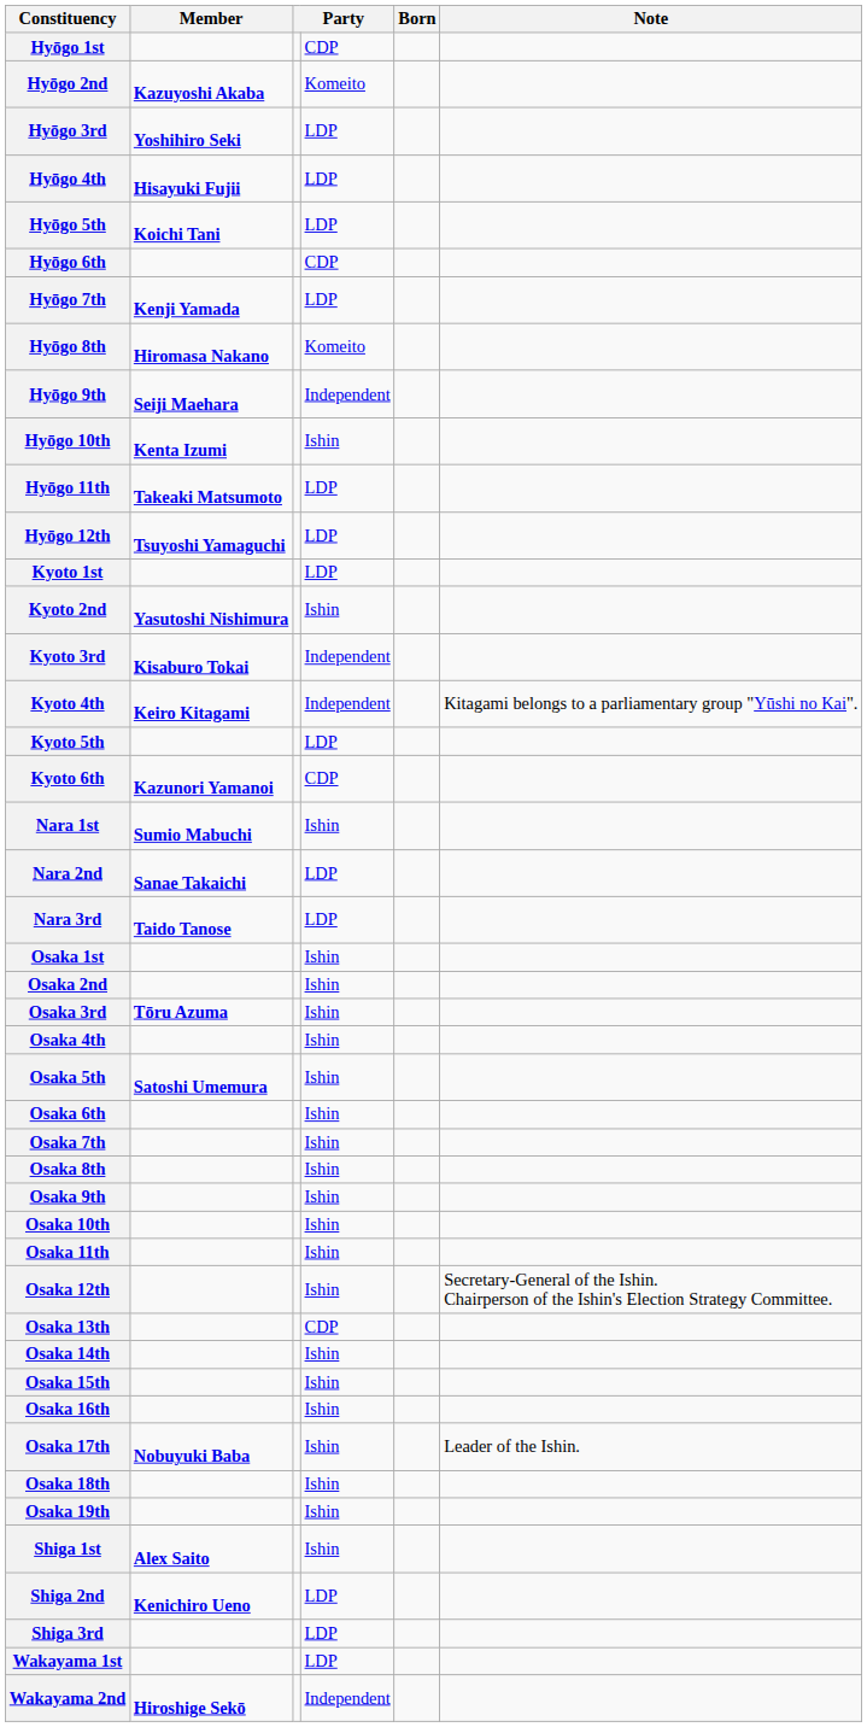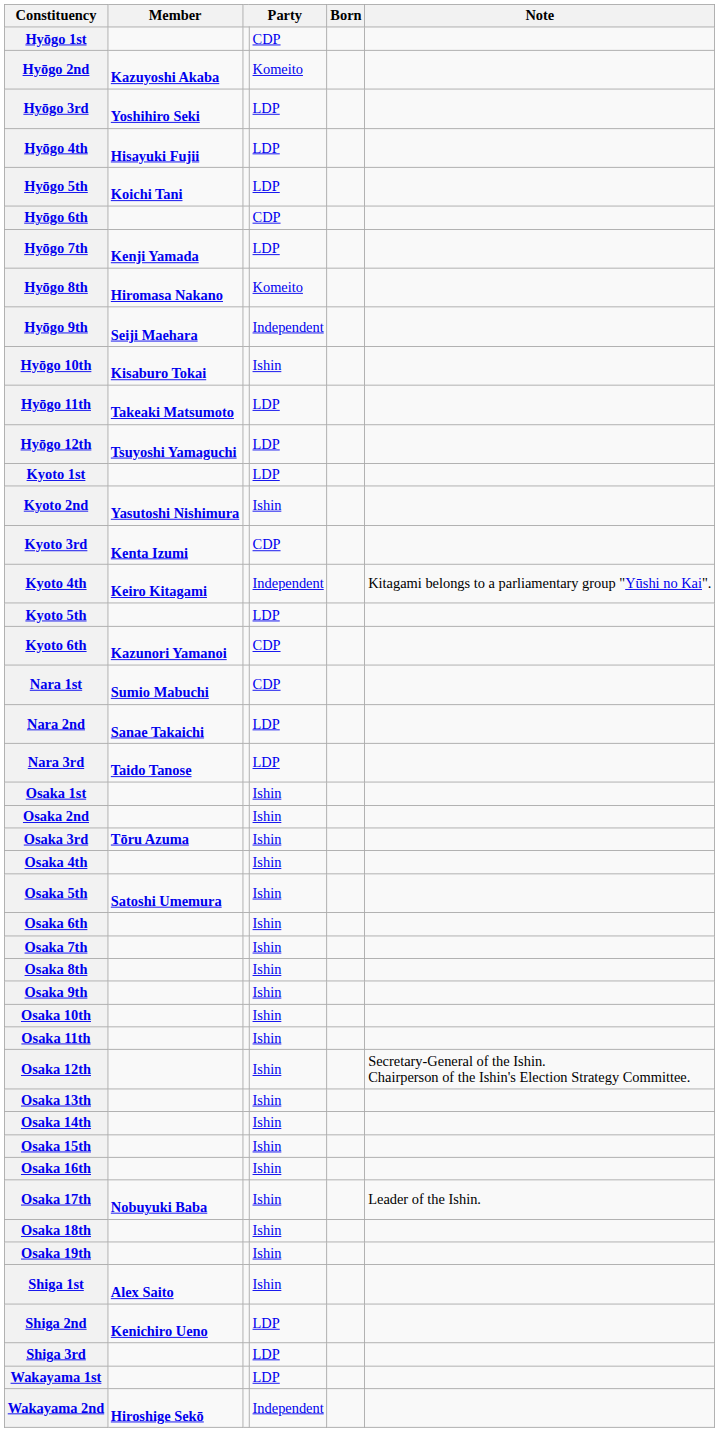 <table class="wikitable sortable plainrowheaders" id="votingmembers">
 <tr style="vertical-align:bottom">
 <th scope="col">Constituency</th>
 <th scope="col">Member</th>
 <th scope="col" colspan=2>Party</th>
 <th scope="col">Born</th>
 <th scope="col">Note</th>
 </tr>
 <tr>
 <th><a href='#'>Hyōgo 1st</a></th>
 <td><br><strong></strong></td>
 <td style="background-color:"></td>
 <td><a href='#'>CDP</a></td>
 <td></td>
 <td></td>
 </tr>
 <tr>
 <th><a href='#'>Hyōgo 2nd</a></th>
 <td><br><strong><a href='#'>Kazuyoshi Akaba</a></strong></td>
 <td style="background-color:"></td>
 <td><a href='#'>Komeito</a></td>
 <td></td>
 <td></td>
 </tr>
 <tr>
 <th><a href='#'>Hyōgo 3rd</a></th>
 <td><br><strong><a href='#'>Yoshihiro Seki</a></strong></td>
 <td style="background-color:"></td>
 <td><a href='#'>LDP</a></td>
 <td></td>
 <td></td>
 </tr>
 <tr>
 <th><a href='#'>Hyōgo 4th</a></th>
 <td><br><strong><a href='#'>Hisayuki Fujii</a></strong></td>
 <td style="background-color:"></td>
 <td><a href='#'>LDP</a></td>
 <td></td>
 <td></td>
 </tr>
 <tr>
 <th><a href='#'>Hyōgo 5th</a></th>
 <td><br><strong><a href='#'>Koichi Tani</a></strong></td>
 <td style="background-color:"></td>
 <td><a href='#'>LDP</a></td>
 <td></td>
 <td></td>
 </tr>
 <tr>
 <th><a href='#'>Hyōgo 6th</a></th>
 <td><strong></strong></td>
 <td style="background-color:"></td>
 <td><a href='#'>CDP</a></td>
 <td></td>
 <td></td>
 </tr>
 <tr>
 <th><a href='#'>Hyōgo 7th</a></th>
 <td><br><strong><a href='#'>Kenji Yamada</a></strong></td>
 <td style="background-color:"></td>
 <td><a href='#'>LDP</a></td>
 <td></td>
 <td></td>
 </tr>
 <tr>
 <th><a href='#'>Hyōgo 8th</a></th>
 <td><br><strong><a href='#'>Hiromasa Nakano</a></strong></td>
 <td style="background-color:"></td>
 <td><a href='#'>Komeito</a></td>
 <td></td>
 <td></td>
 </tr>
 <tr>
 <th><a href='#'>Hyōgo 9th</a></th>
 <td><br><strong><a href='#'>Seiji Maehara</a></strong></td>
 <td style="background-color:"></td>
 <td><a href='#'>Independent</a></td>
 <td></td>
 <td></td>
 </tr>
 <tr>
 <th><a href='#'>Hyōgo 10th</a></th>
-<td><br><strong><a href='#'>Kenta Izumi</a></strong></td>
+<td><br><strong><a href='#'>Kisaburo Tokai</a></strong></td>
 <td style="background-color:"></td>
 <td><a href='#'>Ishin</a></td>
 <td></td>
 <td></td>
 </tr>
 <tr>
 <th><a href='#'>Hyōgo 11th</a></th>
 <td><br><strong><a href='#'>Takeaki Matsumoto</a></strong></td>
 <td style="background-color:"></td>
 <td><a href='#'>LDP</a></td>
 <td></td>
 <td></td>
 </tr>
 <tr>
 <th><a href='#'>Hyōgo 12th</a></th>
 <td><br><strong><a href='#'>Tsuyoshi Yamaguchi</a></strong></td>
 <td style="background-color:"></td>
 <td><a href='#'>LDP</a></td>
 <td></td>
 <td></td>
 </tr>
 <tr>
 <th><a href='#'>Kyoto 1st</a></th>
 <td><strong></strong></td>
 <td style="background-color:"></td>
 <td><a href='#'>LDP</a></td>
 <td></td>
 <td></td>
 </tr>
 <tr>
 <th><a href='#'>Kyoto 2nd</a></th>
 <td><br><strong><a href='#'>Yasutoshi Nishimura</a></strong></td>
 <td style="background-color:"></td>
 <td><a href='#'>Ishin</a></td>
 <td></td>
 <td></td>
 </tr>
 <tr>
 <th><a href='#'>Kyoto 3rd</a></th>
-<td><br><strong><a href='#'>Kisaburo Tokai</a></strong></td>
+<td><br><strong><a href='#'>Kenta Izumi</a></strong></td>
 <td style="background-color:"></td>
-<td><a href='#'>Independent</a></td>
+<td><a href='#'>CDP</a></td>
 <td></td>
 <td></td>
 </tr>
 <tr>
 <th><a href='#'>Kyoto 4th</a></th>
 <td><br><strong><a href='#'>Keiro Kitagami</a></strong></td>
 <td style="background-color:"></td>
 <td><a href='#'>Independent</a></td>
 <td></td>
 <td>Kitagami belongs to a parliamentary group "<a href='#'>Yūshi no Kai</a>".</td>
 </tr>
 <tr>
 <th><a href='#'>Kyoto 5th</a></th>
 <td><br><strong></strong></td>
 <td style="background-color:"></td>
 <td><a href='#'>LDP</a></td>
 <td></td>
 <td></td>
 </tr>
 <tr>
 <th><a href='#'>Kyoto 6th</a></th>
 <td><br><strong><a href='#'>Kazunori Yamanoi</a></strong></td>
 <td style="background-color:"></td>
 <td><a href='#'>CDP</a></td>
 <td></td>
 <td></td>
 </tr>
 <tr>
 <th><a href='#'>Nara 1st</a></th>
 <td><br><strong><a href='#'>Sumio Mabuchi</a></strong></td>
 <td style="background-color:"></td>
-<td><a href='#'>Ishin</a></td>
+<td><a href='#'>CDP</a></td>
 <td></td>
 <td></td>
 </tr>
 <tr>
 <th><a href='#'>Nara 2nd</a></th>
 <td><br><strong><a href='#'>Sanae Takaichi</a></strong></td>
 <td style="background-color:"></td>
 <td><a href='#'>LDP</a></td>
 <td></td>
 <td></td>
 </tr>
 <tr>
 <th><a href='#'>Nara 3rd</a></th>
 <td><br><strong><a href='#'>Taido Tanose</a></strong></td>
 <td style="background-color:"></td>
 <td><a href='#'>LDP</a></td>
 <td></td>
 <td></td>
 </tr>
 <tr>
 <th><a href='#'>Osaka 1st</a></th>
 <td><br><strong></strong></td>
 <td style="background-color:"></td>
 <td><a href='#'>Ishin</a></td>
 <td></td>
 <td></td>
 </tr>
 <tr>
 <th><a href='#'>Osaka 2nd</a></th>
 <td><strong></strong></td>
 <td style="background-color:"></td>
 <td><a href='#'>Ishin</a></td>
 <td></td>
 <td></td>
 </tr>
 <tr>
 <th><a href='#'>Osaka 3rd</a></th>
 <td><strong><a href='#'>Tōru Azuma</a></strong></td>
 <td style="background-color:"></td>
 <td><a href='#'>Ishin</a></td>
 <td></td>
 <td></td>
 </tr>
 <tr>
 <th><a href='#'>Osaka 4th</a></th>
 <td><strong></strong></td>
 <td style="background-color:"></td>
 <td><a href='#'>Ishin</a></td>
 <td></td>
 <td></td>
 </tr>
 <tr>
 <th><a href='#'>Osaka 5th</a></th>
 <td><br><strong><a href='#'>Satoshi Umemura</a></strong></td>
 <td style="background-color:"></td>
 <td><a href='#'>Ishin</a></td>
 <td></td>
 <td></td>
 </tr>
 <tr>
 <th><a href='#'>Osaka 6th</a></th>
 <td><strong></strong></td>
 <td style="background-color:"></td>
 <td><a href='#'>Ishin</a></td>
 <td></td>
 <td></td>
 </tr>
 <tr>
 <th><a href='#'>Osaka 7th</a></th>
 <td><strong></strong></td>
 <td style="background-color:"></td>
 <td><a href='#'>Ishin</a></td>
 <td></td>
 <td></td>
 </tr>
 <tr>
 <th><a href='#'>Osaka 8th</a></th>
 <td><strong></strong></td>
 <td style="background-color:"></td>
 <td><a href='#'>Ishin</a></td>
 <td></td>
 <td></td>
 </tr>
 <tr>
 <th><a href='#'>Osaka 9th</a></th>
 <td><strong></strong></td>
 <td style="background-color:"></td>
 <td><a href='#'>Ishin</a></td>
 <td></td>
 <td></td>
 </tr>
 <tr>
 <th><a href='#'>Osaka 10th</a></th>
 <td><strong></strong></td>
 <td style="background-color:"></td>
 <td><a href='#'>Ishin</a></td>
 <td></td>
 <td></td>
 </tr>
 <tr>
 <th><a href='#'>Osaka 11th</a></th>
 <td><br><strong></strong></td>
 <td style="background-color:"></td>
 <td><a href='#'>Ishin</a></td>
 <td></td>
 <td></td>
 </tr>
 <tr>
 <th><a href='#'>Osaka 12th</a></th>
 <td><br><strong></strong></td>
 <td style="background-color:"></td>
 <td><a href='#'>Ishin</a></td>
 <td></td>
 <td>Secretary-General of the Ishin.<br>Chairperson of the Ishin's Election Strategy Committee.</td>
 </tr>
 <tr>
 <th><a href='#'>Osaka 13th</a></th>
 <td><strong></strong></td>
 <td style="background-color:"></td>
-<td><a href='#'>CDP</a></td>
+<td><a href='#'>Ishin</a></td>
 <td></td>
 <td></td>
 </tr>
 <tr>
 <th><a href='#'>Osaka 14th</a></th>
 <td><br><strong></strong></td>
 <td style="background-color:"></td>
 <td><a href='#'>Ishin</a></td>
 <td></td>
 <td></td>
 </tr>
 <tr>
 <th><a href='#'>Osaka 15th</a></th>
 <td><strong></strong></td>
 <td style="background-color:"></td>
 <td><a href='#'>Ishin</a></td>
 <td></td>
 <td></td>
 </tr>
 <tr>
 <th><a href='#'>Osaka 16th</a></th>
 <td><strong></strong></td>
 <td style="background-color:"></td>
 <td><a href='#'>Ishin</a></td>
 <td></td>
 <td></td>
 </tr>
 <tr>
 <th><a href='#'>Osaka 17th</a></th>
 <td><br><strong><a href='#'>Nobuyuki Baba</a></strong></td>
 <td style="background-color:"></td>
 <td><a href='#'>Ishin</a></td>
 <td></td>
 <td>Leader of the Ishin.</td>
 </tr>
 <tr>
 <th><a href='#'>Osaka 18th</a></th>
 <td><br><strong></strong></td>
 <td style="background-color:"></td>
 <td><a href='#'>Ishin</a></td>
 <td></td>
 <td></td>
 </tr>
 <tr>
 <th><a href='#'>Osaka 19th</a></th>
 <td><strong></strong></td>
 <td style="background-color:"></td>
 <td><a href='#'>Ishin</a></td>
 <td></td>
 <td></td>
 </tr>
 <tr>
 <th><a href='#'>Shiga 1st</a></th>
 <td><br><strong><a href='#'>Alex Saito</a></strong></td>
 <td style="background-color:"></td>
 <td><a href='#'>Ishin</a></td>
 <td></td>
 <td></td>
 </tr>
 <tr>
 <th><a href='#'>Shiga 2nd</a></th>
 <td><br><strong><a href='#'>Kenichiro Ueno</a></strong></td>
 <td style="background-color:"></td>
 <td><a href='#'>LDP</a></td>
 <td></td>
 <td></td>
 </tr>
 <tr>
 <th><a href='#'>Shiga 3rd</a></th>
 <td><br><strong></strong></td>
 <td style="background-color:"></td>
 <td><a href='#'>LDP</a></td>
 <td></td>
 <td></td>
 </tr>
 <tr>
 <th><a href='#'>Wakayama 1st</a></th>
 <td><strong></strong></td>
 <td style="background-color:"></td>
 <td><a href='#'>LDP</a></td>
 <td></td>
 <td></td>
 </tr>
 <tr>
 <th><a href='#'>Wakayama 2nd</a></th>
 <td><br><strong><a href='#'>Hiroshige Sekō</a></strong></td>
 <td style="background-color:"></td>
 <td><a href='#'>Independent</a></td>
 <td></td>
 <td></td>
 </tr>
 </table>
